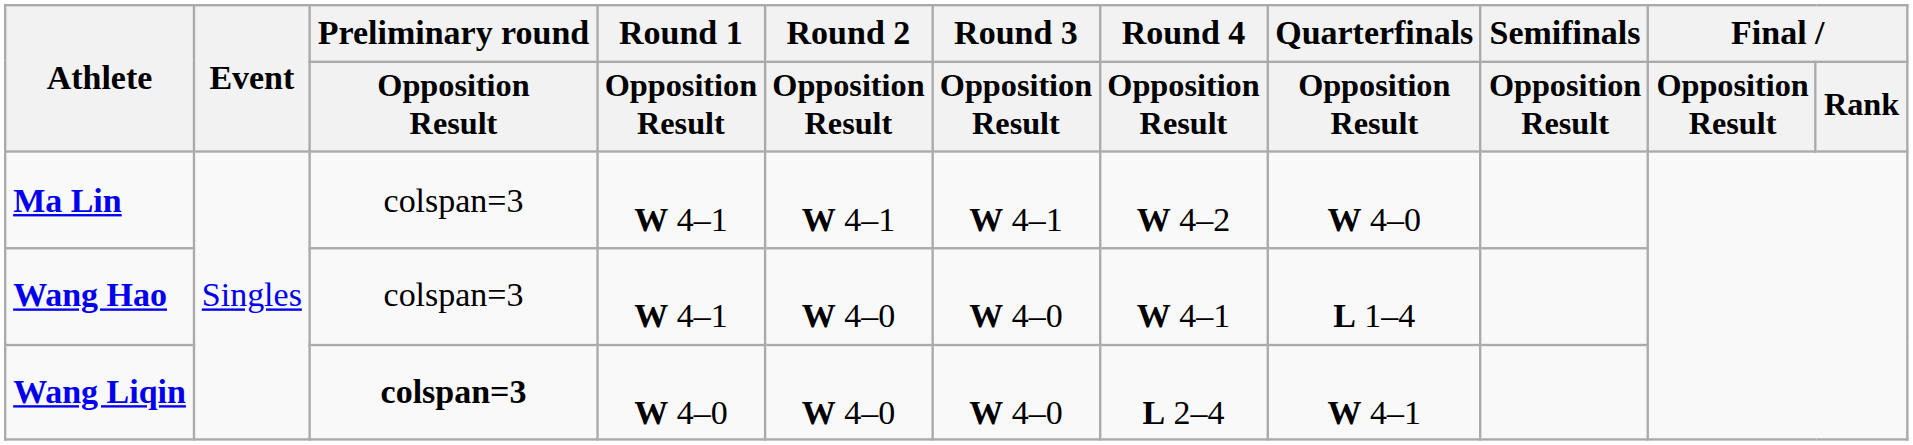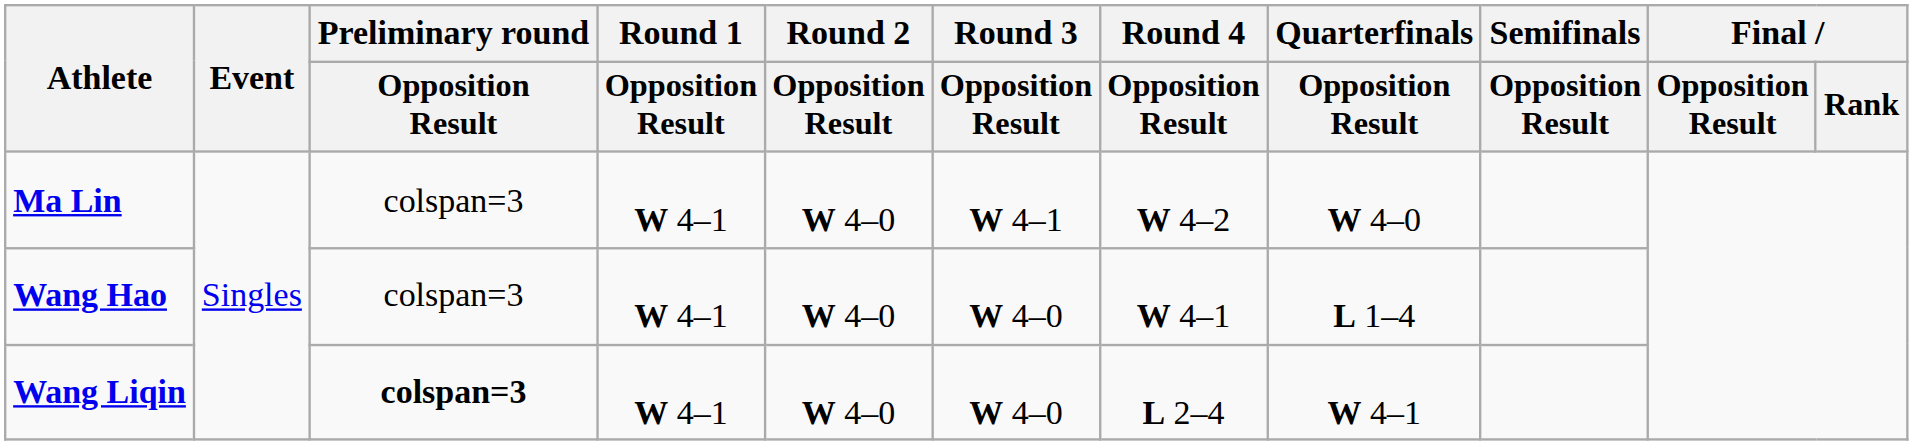 <table class="wikitable" style="font-size:90%">
 <tr>
 <th rowspan="2">Athlete</th>
 <th rowspan="2">Event</th>
 <th>Preliminary round</th>
 <th>Round 1</th>
 <th>Round 2</th>
 <th>Round 3</th>
 <th>Round 4</th>
 <th>Quarterfinals</th>
 <th>Semifinals</th>
 <th colspan=2>Final / </th>
 </tr>
 <tr style="font-size:95%">
 <th>Opposition<br>Result</th>
 <th>Opposition<br>Result</th>
 <th>Opposition<br>Result</th>
 <th>Opposition<br>Result</th>
 <th>Opposition<br>Result</th>
 <th>Opposition<br>Result</th>
 <th>Opposition<br>Result</th>
 <th>Opposition<br>Result</th>
 <th>Rank</th>
 </tr>
 <tr align=center>
 <td align=left><strong><a href='#'>Ma Lin</a></strong></td>
 <td align=left rowspan=3><a href='#'>Singles</a></td>
 <td>colspan=3 </td>
 <td><br><strong>W</strong> 4–1</td>
-<td><br><strong>W</strong> 4–1</td>
+<td><br><strong>W</strong> 4–0</td>
 <td><br><strong>W</strong> 4–1</td>
 <td><br><strong>W</strong> 4–2</td>
 <td><br><strong>W</strong> 4–0</td>
 <td></td>
 </tr>
 <tr align=center>
 <td align=left><strong><a href='#'>Wang Hao</a></strong></td>
 <td>colspan=3 </td>
 <td><br><strong>W</strong> 4–1</td>
 <td><br><strong>W</strong> 4–0</td>
 <td><br><strong>W</strong> 4–0</td>
 <td><br><strong>W</strong> 4–1</td>
 <td><br><strong>L</strong> 1–4</td>
 <td></td>
 </tr>
 <tr align=center>
 <td align=left><strong><a href='#'>Wang Liqin</a></strong></td>
 <td><strong>colspan=3 </strong></td>
-<td><br><strong>W</strong> 4–0</td>
+<td><br><strong>W</strong> 4–1</td>
 <td><br><strong>W</strong> 4–0</td>
 <td><br><strong>W</strong> 4–0</td>
 <td><br><strong>L</strong> 2–4</td>
 <td><br><strong>W</strong> 4–1</td>
 <td></td>
 </tr>
 </table>
